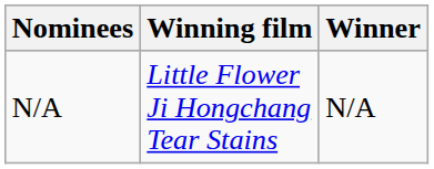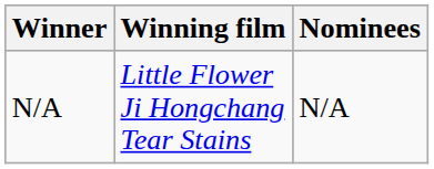 <table class="wikitable">
 <tr>
+<th>Winner</th>
+<th>Winning film</th>
 <th>Nominees</th>
-<th>Winning film</th>
-<th>Winner</th>
 </tr>
 <tr>
 <td>N/A</td>
 <td><em><a href='#'>Little Flower</a></em><br><em><a href='#'>Ji Hongchang</a></em><br><em><a href='#'>Tear Stains</a></em></td>
 <td>N/A</td>
 </tr>
 </table>
